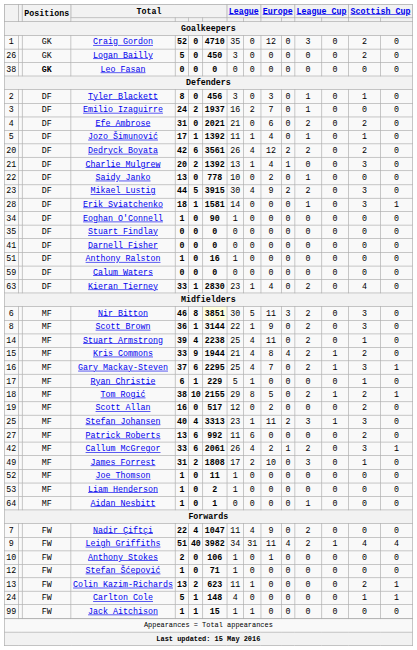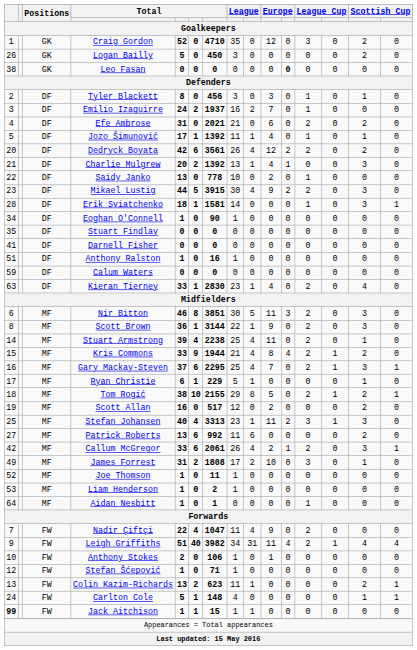 <table class="wikitable sortable" style="text-align: center">
 <tr align="center" style="background:#9C9C9C">
 <th rowspan="2"></th>
 <th rowspan="2"></th>
 <th rowspan="2">Positions</th>
 <th colspan="4">Total</th>
 <th colspan="2"><a href='#'>League</a></th>
 <th colspan="2"><a href='#'>Europe</a></th>
 <th colspan="2"><a href='#'>League Cup</a></th>
 <th colspan="2"><a href='#'>Scottish Cup</a></th>
 </tr>
 <tr style="background:#DCDCDC">
 <th></th>
 <th></th>
 <th></th>
 <th></th>
 <th></th>
 <th></th>
 <th></th>
 <th></th>
 <th></th>
 <th></th>
 <th></th>
 <th></th>
 </tr>
 <tr style="background:#DCDCDC">
 <th colspan="15">Goalkeepers</th>
 </tr>
 <tr>
 <td>1</td>
 <td></td>
 <td>GK</td>
 <td><a href='#'>Craig Gordon</a></td>
 <td><strong>52</strong></td>
 <td><strong>0</strong></td>
 <td><strong>4710</strong></td>
 <td>35</td>
 <td>0</td>
 <td>12</td>
 <td>0</td>
 <td>3</td>
 <td>0</td>
 <td>2</td>
 <td>0</td>
 </tr>
 <tr>
 <td>26</td>
 <td></td>
 <td>GK</td>
 <td><a href='#'>Logan Bailly</a></td>
 <td><strong>5</strong></td>
 <td><strong>0</strong></td>
 <td><strong>450</strong></td>
 <td>3</td>
 <td>0</td>
 <td>0</td>
 <td>0</td>
 <td>0</td>
 <td>0</td>
 <td>2</td>
 <td>0</td>
 </tr>
 <tr>
 <td>38</td>
 <td></td>
-<td><strong>GK</strong></td>
+<td>GK</td>
 <td><a href='#'>Leo Fasan</a></td>
 <td><strong>0</strong></td>
 <td><strong>0</strong></td>
 <td><strong>0</strong></td>
 <td>0</td>
 <td>0</td>
 <td>0</td>
-<td>0</td>
+<td><strong>0</strong></td>
 <td>0</td>
 <td>0</td>
 <td>0</td>
 <td>0</td>
 </tr>
 <tr>
 <th colspan="15">Defenders</th>
 </tr>
 <tr>
 <td>2</td>
 <td></td>
 <td>DF</td>
 <td><a href='#'>Tyler Blackett</a></td>
 <td><strong>8</strong></td>
 <td><strong>0</strong></td>
 <td><strong>456</strong></td>
 <td>3</td>
 <td>0</td>
 <td>3</td>
 <td>0</td>
 <td>1</td>
 <td>0</td>
 <td>1</td>
 <td>0</td>
 </tr>
 <tr>
 <td>3</td>
 <td></td>
 <td>DF</td>
 <td><a href='#'>Emilio Izaguirre</a></td>
 <td><strong>24</strong></td>
 <td><strong>2</strong></td>
 <td><strong>1937</strong></td>
 <td>16</td>
 <td>2</td>
 <td>7</td>
 <td>0</td>
 <td>1</td>
 <td>0</td>
 <td>0</td>
 <td>0</td>
 </tr>
 <tr>
 <td>4</td>
 <td></td>
 <td>DF</td>
 <td><a href='#'>Efe Ambrose</a></td>
 <td><strong>31</strong></td>
 <td><strong>0</strong></td>
 <td><strong>2021</strong></td>
 <td>21</td>
 <td>0</td>
 <td>6</td>
 <td>0</td>
 <td>2</td>
 <td>0</td>
 <td>2</td>
 <td>0</td>
 </tr>
 <tr>
 <td>5</td>
 <td></td>
 <td>DF</td>
 <td><a href='#'>Jozo Šimunović</a></td>
 <td><strong>17</strong></td>
 <td><strong>1</strong></td>
 <td><strong>1392</strong></td>
 <td>11</td>
 <td>1</td>
 <td>4</td>
 <td>0</td>
 <td>1</td>
 <td>0</td>
 <td>1</td>
 <td>0</td>
 </tr>
 <tr>
 <td>20</td>
 <td></td>
 <td>DF</td>
 <td><a href='#'>Dedryck Boyata</a></td>
 <td><strong>42</strong></td>
 <td><strong>6</strong></td>
 <td><strong>3561</strong></td>
 <td>26</td>
 <td>4</td>
 <td>12</td>
 <td>2</td>
 <td>2</td>
 <td>0</td>
 <td>2</td>
 <td>0</td>
 </tr>
 <tr>
 <td>21</td>
 <td></td>
 <td>DF</td>
 <td><a href='#'>Charlie Mulgrew</a></td>
 <td><strong>20</strong></td>
 <td><strong>2</strong></td>
 <td><strong>1392</strong></td>
 <td>13</td>
 <td>1</td>
 <td>4</td>
 <td>1</td>
 <td>0</td>
 <td>0</td>
 <td>3</td>
 <td>0</td>
 </tr>
 <tr>
 <td>22</td>
 <td></td>
 <td>DF</td>
 <td><a href='#'>Saidy Janko</a></td>
 <td><strong>13</strong></td>
 <td><strong>0</strong></td>
 <td><strong>778</strong></td>
 <td>10</td>
 <td>0</td>
 <td>2</td>
 <td>0</td>
 <td>1</td>
 <td>0</td>
 <td>0</td>
 <td>0</td>
 </tr>
 <tr>
 <td>23</td>
 <td></td>
 <td>DF</td>
 <td><a href='#'>Mikael Lustig</a></td>
 <td><strong>44</strong></td>
 <td><strong>5</strong></td>
 <td><strong>3915</strong></td>
 <td>30</td>
 <td>4</td>
 <td>9</td>
 <td>2</td>
 <td>2</td>
 <td>0</td>
 <td>3</td>
 <td>0</td>
 </tr>
 <tr>
 <td>28</td>
 <td></td>
 <td>DF</td>
 <td><a href='#'>Erik Sviatchenko</a></td>
 <td><strong>18</strong></td>
 <td><strong>1</strong></td>
 <td><strong>1581</strong></td>
 <td>14</td>
 <td>0</td>
 <td>0</td>
 <td>0</td>
 <td>1</td>
 <td>0</td>
 <td>3</td>
 <td>1</td>
 </tr>
 <tr>
 <td>34</td>
 <td></td>
 <td>DF</td>
 <td><a href='#'>Eoghan O'Connell</a></td>
 <td><strong>1</strong></td>
 <td><strong>0</strong></td>
 <td><strong>90</strong></td>
 <td>1</td>
 <td>0</td>
 <td>0</td>
 <td>0</td>
 <td>0</td>
 <td>0</td>
 <td>0</td>
 <td>0</td>
 </tr>
 <tr>
 <td>35</td>
 <td></td>
 <td>DF</td>
 <td><a href='#'>Stuart Findlay</a></td>
 <td><strong>0</strong></td>
 <td><strong>0</strong></td>
 <td><strong>0</strong></td>
 <td>0</td>
 <td>0</td>
 <td>0</td>
 <td>0</td>
 <td>0</td>
 <td>0</td>
 <td>0</td>
 <td>0</td>
 </tr>
 <tr>
 <td>41</td>
 <td></td>
 <td>DF</td>
 <td><a href='#'>Darnell Fisher</a></td>
 <td><strong>0</strong></td>
 <td><strong>0</strong></td>
 <td><strong>0</strong></td>
 <td>0</td>
 <td>0</td>
 <td>0</td>
 <td>0</td>
 <td>0</td>
 <td>0</td>
 <td>0</td>
 <td>0</td>
 </tr>
 <tr>
 <td>51</td>
 <td></td>
 <td>DF</td>
 <td><a href='#'>Anthony Ralston</a></td>
 <td><strong>1</strong></td>
 <td><strong>0</strong></td>
 <td><strong>16</strong></td>
 <td>1</td>
 <td>0</td>
 <td>0</td>
 <td>0</td>
 <td>0</td>
 <td>0</td>
 <td>0</td>
 <td>0</td>
 </tr>
 <tr>
 <td>59</td>
 <td></td>
 <td>DF</td>
 <td><a href='#'>Calum Waters</a></td>
 <td><strong>0</strong></td>
 <td><strong>0</strong></td>
 <td><strong>0</strong></td>
 <td>0</td>
 <td>0</td>
 <td>0</td>
 <td>0</td>
 <td>0</td>
 <td>0</td>
 <td>0</td>
 <td>0</td>
 </tr>
 <tr>
 <td>63</td>
 <td></td>
 <td>DF</td>
 <td><a href='#'>Kieran Tierney</a></td>
 <td><strong>33</strong></td>
 <td><strong>1</strong></td>
 <td><strong>2830</strong></td>
 <td>23</td>
 <td>1</td>
 <td>4</td>
 <td>0</td>
 <td>2</td>
 <td>0</td>
 <td>4</td>
 <td>0</td>
 </tr>
 <tr>
 <th colspan="15">Midfielders</th>
 </tr>
 <tr>
 <td>6</td>
 <td></td>
 <td>MF</td>
 <td><a href='#'>Nir Bitton</a></td>
 <td><strong>46</strong></td>
 <td><strong>8</strong></td>
-<td style="background: lightyellow;"><strong>3851</strong></td>
+<td><strong>3851</strong></td>
 <td>30</td>
 <td>5</td>
 <td>11</td>
 <td>3</td>
 <td>2</td>
 <td>0</td>
 <td>3</td>
 <td>0</td>
 </tr>
 <tr>
 <td>8</td>
 <td></td>
 <td>MF</td>
 <td><a href='#'>Scott Brown</a></td>
 <td><strong>36</strong></td>
 <td><strong>1</strong></td>
 <td><strong>3144</strong></td>
 <td>22</td>
 <td>1</td>
 <td>9</td>
 <td>0</td>
 <td>2</td>
 <td>0</td>
 <td>3</td>
 <td>0</td>
 </tr>
 <tr>
 <td>14</td>
 <td></td>
 <td>MF</td>
 <td><a href='#'>Stuart Armstrong</a></td>
 <td><strong>39</strong></td>
 <td><strong>4</strong></td>
 <td><strong>2238</strong></td>
 <td>25</td>
 <td>4</td>
 <td>11</td>
 <td>0</td>
 <td>2</td>
 <td>0</td>
 <td>1</td>
 <td>0</td>
 </tr>
 <tr>
 <td>15</td>
 <td></td>
 <td>MF</td>
 <td><a href='#'>Kris Commons</a></td>
 <td><strong>33</strong></td>
 <td><strong>9</strong></td>
 <td><strong>1944</strong></td>
 <td>21</td>
 <td>4</td>
 <td>8</td>
 <td>4</td>
 <td>2</td>
 <td>1</td>
 <td>2</td>
 <td>0</td>
 </tr>
 <tr>
 <td>16</td>
 <td></td>
 <td>MF</td>
 <td><a href='#'>Gary Mackay-Steven</a></td>
 <td><strong>37</strong></td>
 <td><strong>6</strong></td>
 <td><strong>2295</strong></td>
 <td>25</td>
 <td>4</td>
 <td>7</td>
 <td>0</td>
 <td>2</td>
 <td>1</td>
 <td>3</td>
 <td>1</td>
 </tr>
 <tr>
 <td>17</td>
 <td></td>
 <td>MF</td>
 <td><a href='#'>Ryan Christie</a></td>
 <td><strong>6</strong></td>
 <td><strong>1</strong></td>
 <td><strong>229</strong></td>
 <td>5</td>
 <td>1</td>
 <td>0</td>
 <td>0</td>
 <td>0</td>
 <td>0</td>
 <td>1</td>
 <td>0</td>
 </tr>
 <tr>
 <td>18</td>
 <td></td>
 <td>MF</td>
 <td><a href='#'>Tom Rogić</a></td>
 <td><strong>38</strong></td>
 <td><strong>10</strong></td>
 <td><strong>2155</strong></td>
 <td>29</td>
 <td>8</td>
 <td>5</td>
 <td>0</td>
 <td>2</td>
 <td>1</td>
 <td>2</td>
 <td>1</td>
 </tr>
 <tr>
 <td>19</td>
 <td></td>
 <td>MF</td>
 <td><a href='#'>Scott Allan</a></td>
 <td><strong>16</strong></td>
 <td><strong>0</strong></td>
 <td><strong>517</strong></td>
 <td>12</td>
 <td>0</td>
 <td>2</td>
 <td>0</td>
 <td>0</td>
 <td>0</td>
 <td>2</td>
 <td>0</td>
 </tr>
 <tr>
 <td>25</td>
 <td></td>
 <td>MF</td>
 <td><a href='#'>Stefan Johansen</a></td>
 <td><strong>40</strong></td>
 <td><strong>4</strong></td>
 <td><strong>3313</strong></td>
 <td>23</td>
 <td>1</td>
 <td>11</td>
 <td>2</td>
 <td>3</td>
 <td>1</td>
 <td>3</td>
 <td>0</td>
 </tr>
 <tr>
 <td>27</td>
 <td></td>
 <td>MF</td>
 <td><a href='#'>Patrick Roberts</a></td>
 <td><strong>13</strong></td>
 <td><strong>6</strong></td>
 <td><strong>992</strong></td>
 <td>11</td>
 <td>6</td>
 <td>0</td>
 <td>0</td>
 <td>0</td>
 <td>0</td>
 <td>2</td>
 <td>0</td>
 </tr>
 <tr>
 <td>42</td>
 <td></td>
 <td>MF</td>
 <td><a href='#'>Callum McGregor</a></td>
 <td><strong>33</strong></td>
 <td><strong>6</strong></td>
 <td><strong>2061</strong></td>
 <td>26</td>
 <td>4</td>
 <td>2</td>
 <td>1</td>
 <td>2</td>
 <td>0</td>
 <td>3</td>
 <td>1</td>
 </tr>
 <tr>
 <td>49</td>
 <td></td>
 <td>MF</td>
 <td><a href='#'>James Forrest</a></td>
 <td><strong>31</strong></td>
 <td><strong>2</strong></td>
 <td><strong>1808</strong></td>
 <td>17</td>
 <td>2</td>
 <td>10</td>
 <td>0</td>
 <td>3</td>
 <td>0</td>
 <td>1</td>
 <td>0</td>
 </tr>
 <tr>
 <td>52</td>
 <td></td>
 <td>MF</td>
 <td><a href='#'>Joe Thomson</a></td>
 <td><strong>1</strong></td>
 <td><strong>0</strong></td>
 <td><strong>11</strong></td>
 <td>1</td>
 <td>0</td>
 <td>0</td>
 <td>0</td>
 <td>0</td>
 <td>0</td>
 <td>0</td>
 <td>0</td>
 </tr>
 <tr>
 <td>53</td>
 <td></td>
 <td>MF</td>
 <td><a href='#'>Liam Henderson</a></td>
 <td><strong>1</strong></td>
 <td><strong>0</strong></td>
 <td><strong>2</strong></td>
 <td>1</td>
 <td>0</td>
 <td>0</td>
 <td>0</td>
 <td>0</td>
 <td>0</td>
 <td>0</td>
 <td>0</td>
 </tr>
 <tr>
 <td>64</td>
 <td></td>
 <td>MF</td>
 <td><a href='#'>Aidan Nesbitt</a></td>
 <td><strong>1</strong></td>
 <td><strong>0</strong></td>
 <td><strong>1</strong></td>
 <td>0</td>
 <td>0</td>
 <td>0</td>
 <td>0</td>
 <td>1</td>
 <td>0</td>
 <td>0</td>
 <td>0</td>
 </tr>
 <tr>
 <th colspan="15">Forwards</th>
 </tr>
 <tr>
 <td>7</td>
 <td></td>
 <td>FW</td>
 <td><a href='#'>Nadir Çiftçi</a></td>
 <td><strong>22</strong></td>
 <td><strong>4</strong></td>
 <td><strong>1047</strong></td>
 <td>11</td>
 <td>4</td>
 <td>9</td>
 <td>0</td>
 <td>2</td>
 <td>0</td>
 <td>0</td>
 <td>0</td>
 </tr>
 <tr>
 <td>9</td>
 <td></td>
 <td>FW</td>
 <td><a href='#'>Leigh Griffiths</a></td>
 <td><strong>51</strong></td>
 <td><strong>40</strong></td>
 <td><strong>3982</strong></td>
 <td>34</td>
 <td>31</td>
 <td>11</td>
 <td>4</td>
 <td>2</td>
 <td>1</td>
 <td>4</td>
 <td>4</td>
 </tr>
 <tr>
 <td>10</td>
 <td></td>
 <td>FW</td>
 <td><a href='#'>Anthony Stokes</a></td>
 <td><strong>2</strong></td>
 <td><strong>0</strong></td>
 <td><strong>106</strong></td>
 <td>1</td>
 <td>0</td>
 <td>1</td>
 <td>0</td>
 <td>0</td>
 <td>0</td>
 <td>0</td>
 <td>0</td>
 </tr>
 <tr>
 <td>12</td>
 <td></td>
 <td>FW</td>
 <td><a href='#'>Stefan Šćepović</a></td>
 <td><strong>1</strong></td>
 <td><strong>0</strong></td>
 <td><strong>71</strong></td>
 <td>1</td>
 <td>0</td>
 <td>0</td>
 <td>0</td>
 <td>0</td>
 <td>0</td>
 <td>0</td>
 <td>0</td>
 </tr>
 <tr>
 <td>13</td>
 <td></td>
 <td>FW</td>
 <td><a href='#'>Colin Kazim-Richards</a></td>
 <td><strong>13</strong></td>
 <td><strong>2</strong></td>
 <td><strong>623</strong></td>
 <td>11</td>
 <td>1</td>
 <td>0</td>
 <td>0</td>
 <td>0</td>
 <td>0</td>
 <td>2</td>
 <td>1</td>
 </tr>
 <tr>
 <td>24</td>
 <td></td>
 <td>FW</td>
 <td><a href='#'>Carlton Cole</a></td>
 <td><strong>5</strong></td>
 <td><strong>1</strong></td>
 <td><strong>148</strong></td>
 <td>4</td>
 <td>0</td>
 <td>0</td>
 <td>0</td>
 <td>0</td>
 <td>0</td>
 <td>1</td>
 <td>1</td>
 </tr>
 <tr>
-<td>99</td>
+<td><strong>99</strong></td>
 <td></td>
 <td>FW</td>
 <td><a href='#'>Jack Aitchison</a></td>
 <td><strong>1</strong></td>
 <td><strong>1</strong></td>
 <td><strong>15</strong></td>
 <td>1</td>
 <td>1</td>
 <td>0</td>
 <td>0</td>
 <td>0</td>
 <td>0</td>
 <td>0</td>
 <td>0</td>
 </tr>
 <tr>
 </tr>
 <tr>
 <td 23! colspan="16"><small>Appearances = Total appearances</small></td>
 </tr>
 <tr align="left">
 <th colspan="16"><small>Last updated: 15 May 2016</small></th>
 </tr>
 </table>
